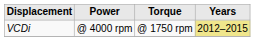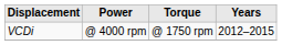 <table class="wikitable">
 <tr>
 <th style = "background:#e8e8e8;">Displacement</th>
 <th style = "background:#e8e8e8;">Power</th>
 <th style = "background:#e8e8e8;">Torque</th>
 <th style = "background:#e8e8e8;">Years</th>
 </tr>
 <tr>
 <td> <em>VCDi</em></td>
 <td> @ 4000 rpm</td>
 <td> @ 1750 rpm</td>
-<td style="background: khaki;">2012–2015</td>
+<td>2012–2015</td>
 </tr>
 <tr>
 </tr>
 </table>
